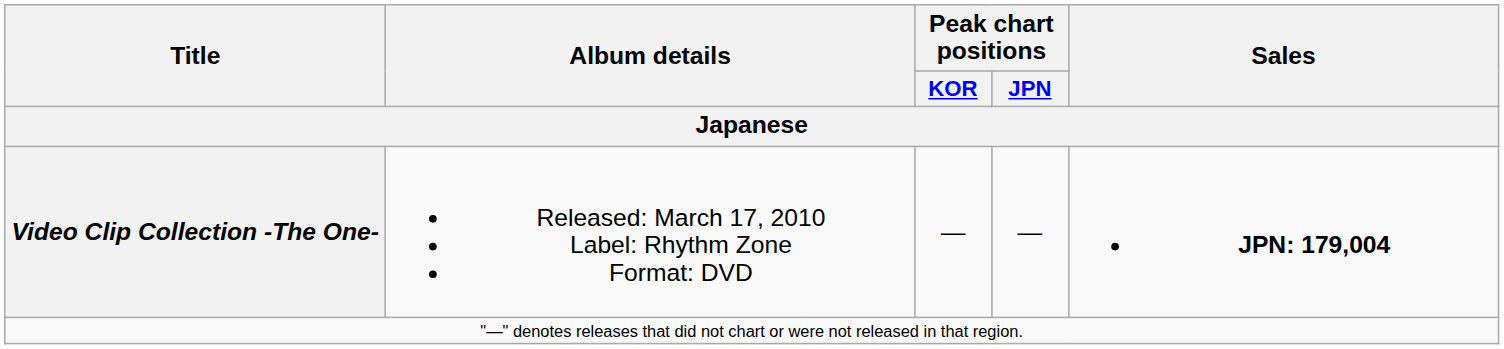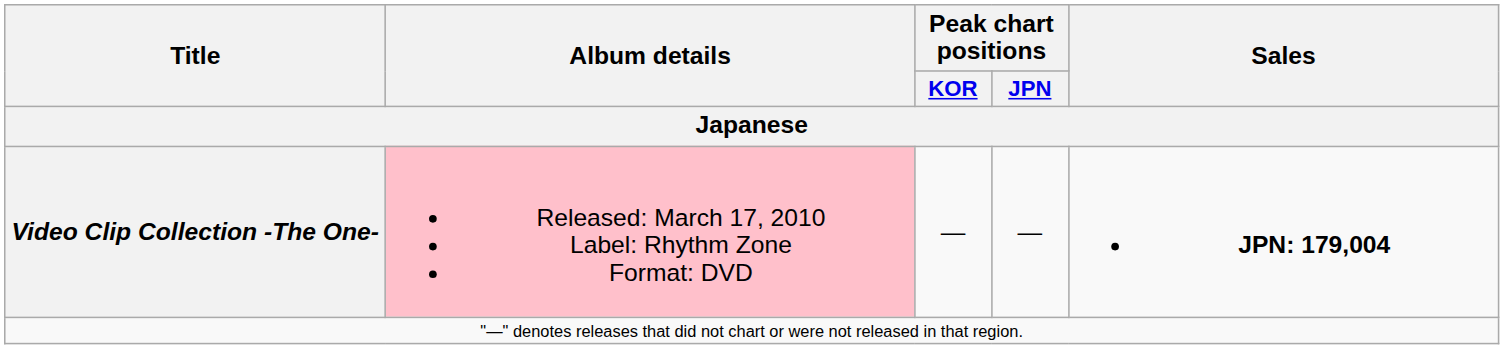 <table class="wikitable plainrowheaders" style="text-align:center;">
 <tr>
 <th scope="col" rowspan="2" style="width:15em;">Title</th>
 <th scope="col" rowspan="2" style="width:21em;">Album details</th>
 <th scope="col" colspan="2">Peak chart positions</th>
 <th scope="col" rowspan="2" style="width:17em;">Sales</th>
 </tr>
 <tr>
 <th scope="col" style="width:3em;font-size:90%;"><a href='#'>KOR</a><br></th>
 <th scope="col" style="width:3em;font-size:90%;"><a href='#'>JPN</a><br></th>
 </tr>
 <tr>
 <th colspan="8">Japanese</th>
 </tr>
 <tr>
 <th scope="row"><em>Video Clip Collection -The One-</em></th>
-<td><br><ul><li>Released: March 17, 2010</li><li>Label: Rhythm Zone</li><li>Format: DVD</li></ul></td>
+<td style="background: pink;"><br><ul><li>Released: March 17, 2010</li><li>Label: Rhythm Zone</li><li>Format: DVD</li></ul></td>
 <td style="text-align:center;">—</td>
 <td style="text-align:center;">—</td>
 <td><strong><br><ul><li>JPN: 179,004</li></ul></strong></td>
 </tr>
 <tr>
 <td align="center" colspan="14" style="font-size:8pt">"—" denotes releases that did not chart or were not released in that region.</td>
 </tr>
 </table>
